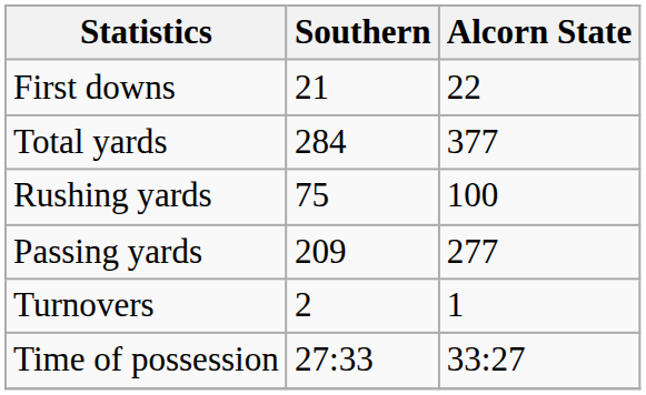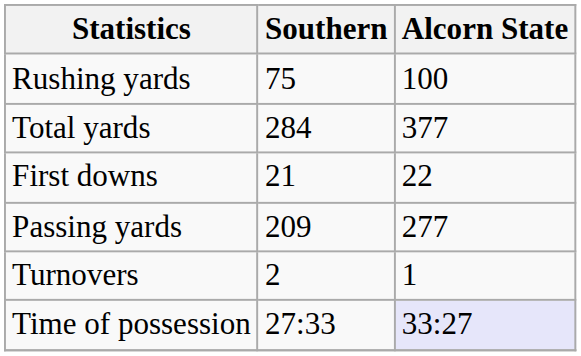 <table class="wikitable">
 <tr>
 <th>Statistics</th>
 <th>Southern</th>
 <th>Alcorn State</th>
 </tr>
 <tr>
-<td>First downs</td>
-<td>21</td>
-<td>22</td>
+<td>Rushing yards</td>
+<td>75</td>
+<td>100</td>
 </tr>
 <tr>
 <td>Total yards</td>
 <td>284</td>
 <td>377</td>
 </tr>
 <tr>
-<td>Rushing yards</td>
-<td>75</td>
-<td>100</td>
+<td>First downs</td>
+<td>21</td>
+<td>22</td>
 </tr>
 <tr>
 <td>Passing yards</td>
 <td>209</td>
 <td>277</td>
 </tr>
 <tr>
 <td>Turnovers</td>
 <td>2</td>
 <td>1</td>
 </tr>
 <tr>
 <td>Time of possession</td>
 <td>27:33</td>
-<td>33:27</td>
+<td style="background: lavender;">33:27</td>
 </tr>
 <tr>
 </tr>
 </table>
